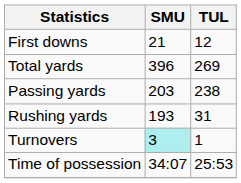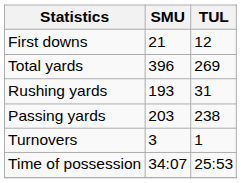 <table class="wikitable" style="float: left;">
 <tr>
 <th>Statistics</th>
 <th>SMU</th>
 <th>TUL</th>
 </tr>
 <tr>
 <td>First downs</td>
 <td>21</td>
 <td>12</td>
 </tr>
 <tr>
 <td>Total yards</td>
 <td>396</td>
 <td>269</td>
 </tr>
 <tr>
+<td>Rushing yards</td>
+<td>193</td>
+<td>31</td>
+</tr>
+<tr>
 <td>Passing yards</td>
 <td>203</td>
 <td>238</td>
 </tr>
 <tr>
-<td>Rushing yards</td>
-<td>193</td>
-<td>31</td>
-</tr>
-<tr>
 <td>Turnovers</td>
-<td style="background: paleturquoise;">3</td>
+<td>3</td>
 <td>1</td>
 </tr>
 <tr>
 <td>Time of possession</td>
 <td>34:07</td>
 <td>25:53</td>
 </tr>
 <tr>
 </tr>
 </table>
